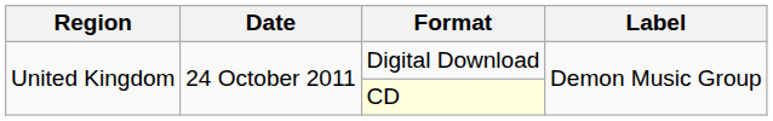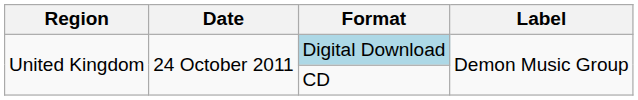 <table class=wikitable>
 <tr>
 <th>Region</th>
 <th>Date</th>
 <th>Format</th>
 <th>Label</th>
 </tr>
 <tr>
 <td rowspan="2">United Kingdom</td>
 <td rowspan="2">24 October 2011</td>
-<td>Digital Download</td>
+<td style="background: lightblue;">Digital Download</td>
 <td rowspan="2">Demon Music Group</td>
 </tr>
 <tr>
-<td style="background: lightyellow;">CD</td>
+<td>CD</td>
 </tr>
 </table>
